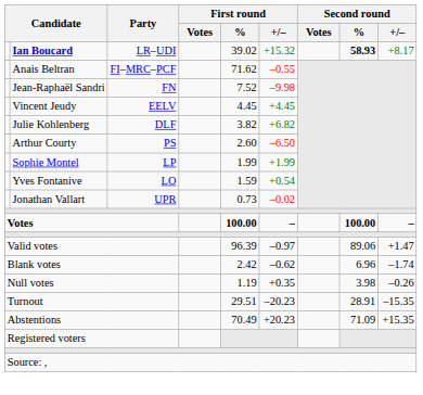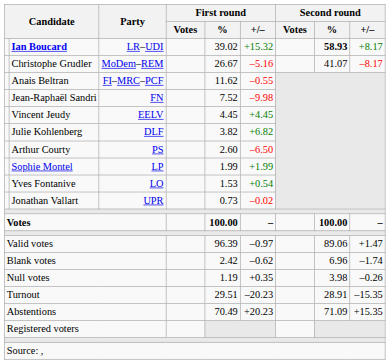 <table class="wikitable" style="text-align:right;font-size:95%;">
 <tr>
 <th rowspan="2" colspan="2">Candidate</th>
 <th rowspan="2">Party</th>
 <th colspan="3">First round</th>
 <th colspan="3">Second round</th>
 </tr>
 <tr>
 <th style="width:50px;">Votes</th>
 <th style="width:45px;">%</th>
 <th style="width:45px;">+/–</th>
 <th style="width:50px;">Votes</th>
 <th style="width:45px;">%</th>
 <th style="width:45px;">+/–</th>
 </tr>
 <tr>
 <td style="background:"></td>
 <td style="text-align:left;"><strong><a href='#'>Ian Boucard</a></strong></td>
 <td><a href='#'>LR</a>–<a href='#'>UDI</a></td>
 <td></td>
 <td>39.02</td>
 <td style="color:green;">+15.32</td>
 <td><strong></strong></td>
 <td><strong>58.93</strong></td>
 <td style="color:green;">+8.17</td>
 </tr>
 <tr>
 <td style="background:"></td>
+<td style="text-align:left;">Christophe Grudler</td>
+<td><a href='#'>MoDem</a>–<a href='#'>REM</a></td>
+<td></td>
+<td>26.67</td>
+<td style="color:red;">–5.16</td>
+<td></td>
+<td>41.07</td>
+<td style="color:red;">–8.17</td>
+</tr>
+<tr>
+<td style="background:"></td>
 <td style="text-align:left;">Anais Beltran</td>
 <td><a href='#'>FI</a>–<a href='#'>MRC</a>–<a href='#'>PCF</a></td>
 <td></td>
-<td>71.62</td>
+<td>11.62</td>
 <td style="color:red;">–0.55</td>
 <td colspan="3" rowspan="8" style="background:#E9E9E9;"></td>
 </tr>
 <tr>
 <td style="background:"></td>
 <td style="text-align:left;">Jean-Raphaël Sandri</td>
 <td><a href='#'>FN</a></td>
 <td></td>
 <td>7.52</td>
 <td style="color:red;">–9.98</td>
 </tr>
 <tr>
 <td style="background:"></td>
 <td style="text-align:left;">Vincent Jeudy</td>
 <td><a href='#'>EELV</a></td>
 <td></td>
 <td>4.45</td>
 <td style="color:green;">+4.45</td>
 </tr>
 <tr>
 <td style="background:"></td>
 <td style="text-align:left;">Julie Kohlenberg</td>
 <td><a href='#'>DLF</a></td>
 <td></td>
 <td>3.82</td>
 <td style="color:green;">+6.82</td>
 </tr>
 <tr>
 <td style="background:"></td>
 <td style="text-align:left;">Arthur Courty</td>
 <td><a href='#'>PS</a></td>
 <td></td>
 <td>2.60</td>
 <td style="color:red;">–6.50</td>
 </tr>
 <tr>
 <td style="background:"></td>
 <td style="text-align:left;"><a href='#'>Sophie Montel</a></td>
 <td><a href='#'>LP</a></td>
 <td></td>
 <td>1.99</td>
 <td style="color:green;">+1.99</td>
 </tr>
 <tr>
 <td style="background:"></td>
 <td style="text-align:left;">Yves Fontanive</td>
 <td><a href='#'>LO</a></td>
 <td></td>
-<td>1.59</td>
+<td>1.53</td>
 <td style="color:green;">+0.54</td>
 </tr>
 <tr>
 <td style="background:"></td>
 <td style="text-align:left;">Jonathan Vallart</td>
 <td><a href='#'>UPR</a></td>
 <td></td>
 <td>0.73</td>
 <td style="color:red;">–0.02</td>
 </tr>
 <tr>
 <td colspan="9" style="background:#E9E9E9;"></td>
 </tr>
 <tr style="font-weight:bold;">
 <td colspan="3" style="text-align:left;">Votes</td>
 <td></td>
 <td>100.00</td>
 <td>–</td>
 <td></td>
 <td>100.00</td>
 <td>–</td>
 </tr>
 <tr>
 <td colspan="9" style="background:#E9E9E9;"></td>
 </tr>
 <tr>
 <td colspan="3" style="text-align:left;">Valid votes</td>
 <td></td>
 <td>96.39</td>
 <td>–0.97</td>
 <td></td>
 <td>89.06</td>
 <td>+1.47</td>
 </tr>
 <tr>
 <td colspan="3" style="text-align:left;">Blank votes</td>
 <td></td>
 <td>2.42</td>
 <td>–0.62</td>
 <td></td>
 <td>6.96</td>
 <td>–1.74</td>
 </tr>
 <tr>
 <td colspan="3" style="text-align:left;">Null votes</td>
 <td></td>
 <td>1.19</td>
 <td>+0.35</td>
 <td></td>
 <td>3.98</td>
 <td>–0.26</td>
 </tr>
 <tr>
 <td colspan="3" style="text-align:left;">Turnout</td>
 <td></td>
 <td>29.51</td>
 <td>–20.23</td>
 <td></td>
 <td>28.91</td>
 <td>–15.35</td>
 </tr>
 <tr>
 <td colspan="3" style="text-align:left;">Abstentions</td>
 <td></td>
 <td>70.49</td>
 <td>+20.23</td>
 <td></td>
 <td>71.09</td>
 <td>+15.35</td>
 </tr>
 <tr>
 <td colspan="3" style="text-align:left;">Registered voters</td>
 <td></td>
 <td colspan="2" style="background:#E9E9E9;"></td>
 <td></td>
 <td colspan="2" style="background:#E9E9E9;"></td>
 </tr>
 <tr>
 <td colspan="9" style="background:#E9E9E9;"></td>
 </tr>
 <tr>
 <td colspan="9" style="text-align:left;">Source: , </td>
 </tr>
 </table>
